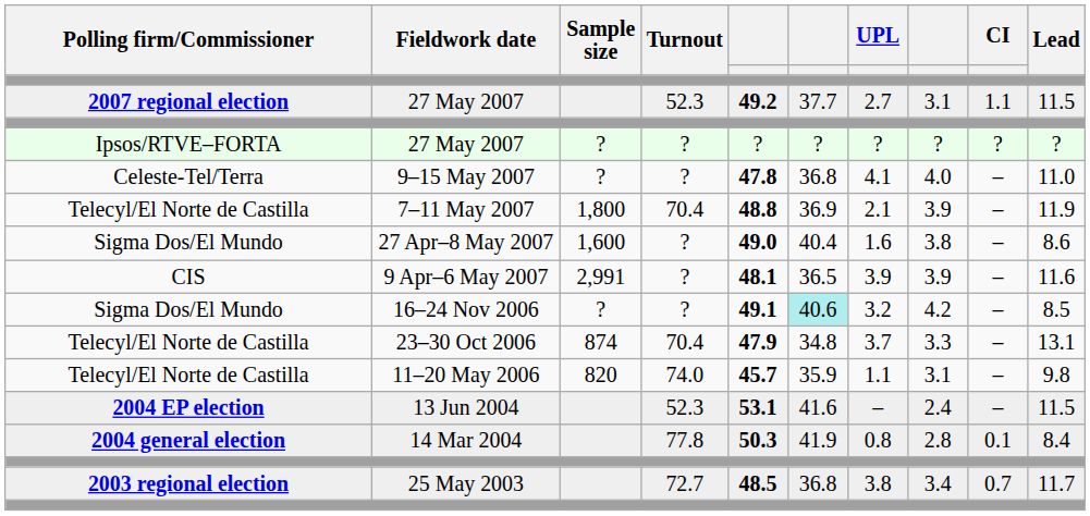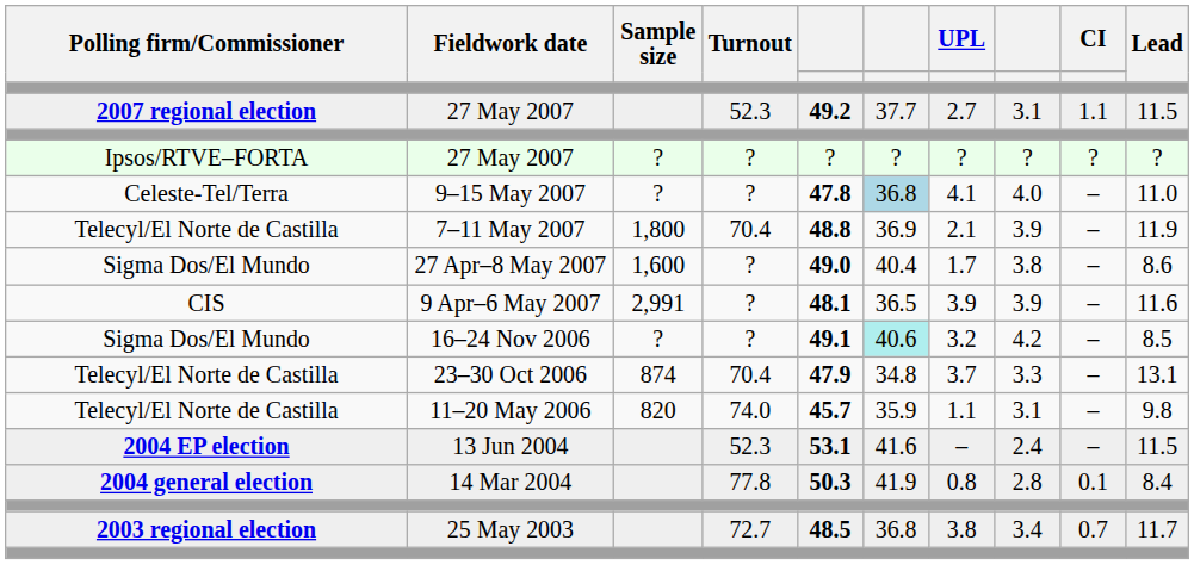 <table class="wikitable collapsible collapsed" style="text-align:center; font-size:95%; line-height:16px;">
 <tr style="height:42px;">
 <th style="width:250px;" rowspan="2">Polling firm/Commissioner</th>
 <th style="width:125px;" rowspan="2">Fieldwork date</th>
 <th style="width:50px;" rowspan="2">Sample size</th>
 <th style="width:45px;" rowspan="2">Turnout</th>
 <th style="width:35px;"></th>
 <th style="width:35px;"></th>
 <th style="width:35px;"><a href='#'>UPL</a></th>
 <th style="width:35px;"></th>
 <th style="width:35px;">CI</th>
 <th style="width:30px;" rowspan="2">Lead</th>
 </tr>
 <tr>
 <th style="color:inherit;background:"></th>
 <th style="color:inherit;background:"></th>
 <th style="color:inherit;background:"></th>
 <th style="color:inherit;background:"></th>
 <th style="color:inherit;background:"></th>
 </tr>
 <tr>
 <td colspan="10" style="background:#A0A0A0"></td>
 </tr>
 <tr style="background:#EFEFEF;">
 <td><strong><a href='#'>2007 regional election</a></strong></td>
 <td>27 May 2007</td>
 <td></td>
 <td>52.3</td>
 <td><strong>49.2</strong><br></td>
 <td>37.7<br></td>
 <td>2.7<br></td>
 <td>3.1<br></td>
 <td>1.1<br></td>
 <td style="background:">11.5</td>
 </tr>
 <tr>
 <td colspan="10" style="background:#A0A0A0"></td>
 </tr>
 <tr style="background:#EAFFEA;">
 <td>Ipsos/RTVE–FORTA</td>
 <td>27 May 2007</td>
 <td>?</td>
 <td>?</td>
 <td>?<br></td>
 <td>?<br></td>
 <td>?<br></td>
 <td>?<br></td>
 <td>?<br></td>
 <td style="background:">?</td>
 </tr>
 <tr>
 <td>Celeste-Tel/Terra</td>
 <td>9–15 May 2007</td>
 <td>?</td>
 <td>?</td>
 <td><strong>47.8</strong><br></td>
-<td>36.8<br></td>
+<td style="background: lightblue;">36.8<br></td>
 <td>4.1<br></td>
 <td>4.0<br></td>
 <td>–</td>
 <td style="background:">11.0</td>
 </tr>
 <tr>
 <td>Telecyl/El Norte de Castilla</td>
 <td>7–11 May 2007</td>
 <td>1,800</td>
 <td>70.4</td>
 <td><strong>48.8</strong><br></td>
 <td>36.9<br></td>
 <td>2.1<br></td>
 <td>3.9<br></td>
 <td>–</td>
 <td style="background:">11.9</td>
 </tr>
 <tr>
 <td>Sigma Dos/El Mundo</td>
 <td>27 Apr–8 May 2007</td>
 <td>1,600</td>
 <td>?</td>
 <td><strong>49.0</strong><br></td>
 <td>40.4<br></td>
-<td>1.6<br></td>
+<td>1.7<br></td>
 <td>3.8<br></td>
 <td>–</td>
 <td style="background:">8.6</td>
 </tr>
 <tr>
 <td>CIS</td>
 <td>9 Apr–6 May 2007</td>
 <td>2,991</td>
 <td>?</td>
 <td><strong>48.1</strong><br></td>
 <td>36.5<br></td>
 <td>3.9<br></td>
 <td>3.9<br></td>
 <td>–</td>
 <td style="background:">11.6</td>
 </tr>
 <tr>
 <td>Sigma Dos/El Mundo</td>
 <td>16–24 Nov 2006</td>
 <td>?</td>
 <td>?</td>
 <td><strong>49.1</strong><br></td>
 <td style="background: paleturquoise;">40.6<br></td>
 <td>3.2<br></td>
 <td>4.2<br></td>
 <td>–</td>
 <td style="background:">8.5</td>
 </tr>
 <tr>
 <td>Telecyl/El Norte de Castilla</td>
 <td>23–30 Oct 2006</td>
 <td>874</td>
 <td>70.4</td>
 <td><strong>47.9</strong></td>
 <td>34.8</td>
 <td>3.7</td>
 <td>3.3</td>
 <td>–</td>
 <td style="background:">13.1</td>
 </tr>
 <tr>
 <td>Telecyl/El Norte de Castilla</td>
 <td>11–20 May 2006</td>
 <td>820</td>
 <td>74.0</td>
 <td><strong>45.7</strong></td>
 <td>35.9</td>
 <td>1.1</td>
 <td>3.1</td>
 <td>–</td>
 <td style="background:">9.8</td>
 </tr>
 <tr style="background:#EFEFEF;">
 <td><strong><a href='#'>2004 EP election</a></strong></td>
 <td>13 Jun 2004</td>
 <td></td>
 <td>52.3</td>
 <td><strong>53.1</strong><br></td>
 <td>41.6<br></td>
 <td>–</td>
 <td>2.4<br></td>
 <td>–</td>
 <td style="background:">11.5</td>
 </tr>
 <tr style="background:#EFEFEF;">
 <td><strong><a href='#'>2004 general election</a></strong></td>
 <td>14 Mar 2004</td>
 <td></td>
 <td>77.8</td>
 <td><strong>50.3</strong><br></td>
 <td>41.9<br></td>
 <td>0.8<br></td>
 <td>2.8<br></td>
 <td>0.1<br></td>
 <td style="background:">8.4</td>
 </tr>
 <tr>
 <td colspan="10" style="background:#A0A0A0"></td>
 </tr>
 <tr style="background:#EFEFEF;">
 <td><strong><a href='#'>2003 regional election</a></strong></td>
 <td>25 May 2003</td>
 <td></td>
 <td>72.7</td>
 <td><strong>48.5</strong><br></td>
 <td>36.8<br></td>
 <td>3.8<br></td>
 <td>3.4<br></td>
 <td>0.7<br></td>
 <td style="background:">11.7</td>
 </tr>
 <tr>
 <td colspan="10" style="background:#A0A0A0"></td>
 </tr>
 </table>
